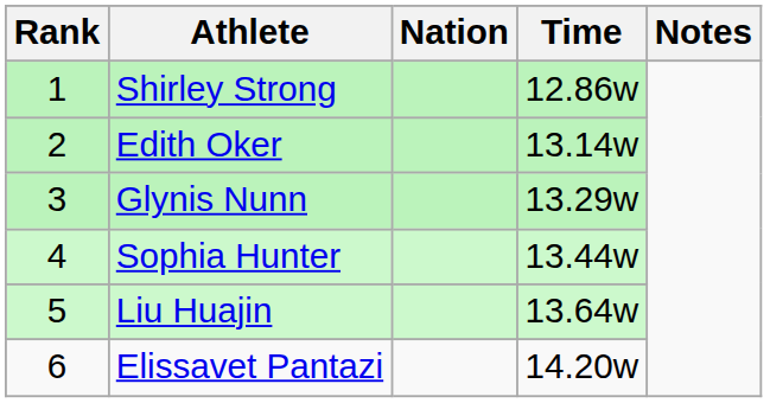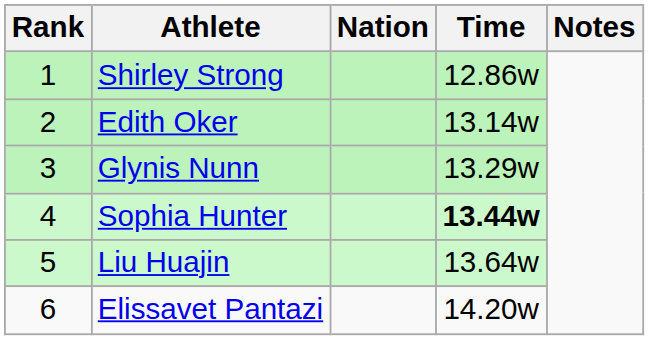 <table class="wikitable sortable" style="text-align:center">
 <tr>
 <th>Rank</th>
 <th>Athlete</th>
 <th>Nation</th>
 <th>Time</th>
 <th>Notes</th>
 </tr>
 <tr style="background:#bbf3bb;">
 <td>1</td>
 <td align=left><a href='#'>Shirley Strong</a></td>
 <td align=left></td>
 <td>12.86w</td>
 </tr>
 <tr style="background:#bbf3bb;">
 <td>2</td>
 <td align=left><a href='#'>Edith Oker</a></td>
 <td align=left></td>
 <td>13.14w</td>
 </tr>
 <tr style="background:#bbf3bb;">
 <td>3</td>
 <td align=left><a href='#'>Glynis Nunn</a></td>
 <td align=left></td>
 <td>13.29w</td>
 </tr>
 <tr style="background:#ccf9cc;">
 <td>4</td>
 <td align=left><a href='#'>Sophia Hunter</a></td>
 <td align=left></td>
-<td>13.44w</td>
+<td><strong>13.44w</strong></td>
 </tr>
 <tr style="background:#ccf9cc;">
 <td>5</td>
 <td align=left><a href='#'>Liu Huajin</a></td>
 <td align=left></td>
 <td>13.64w</td>
 </tr>
 <tr>
 <td>6</td>
 <td align=left><a href='#'>Elissavet Pantazi</a></td>
 <td align=left></td>
 <td>14.20w</td>
 </tr>
 </table>
